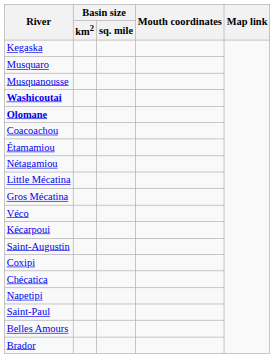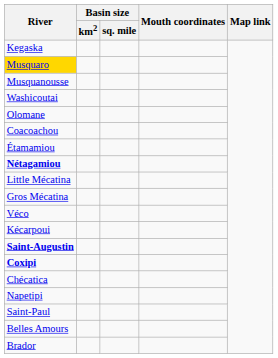 <table class="wikitable sortable">
 <tr>
 <th rowspan=2>River</th>
 <th colspan=2>Basin size</th>
 <th rowspan=2>Mouth coordinates</th>
 <th rowspan=2>Map link</th>
 </tr>
 <tr>
 <th>km<sup>2</sup></th>
 <th>sq. mile</th>
 </tr>
 <tr>
 <td><a href='#'>Kegaska</a></td>
 <td></td>
 <td></td>
 <td></td>
 </tr>
 <tr>
-<td><a href='#'>Musquaro</a></td>
+<td style="background: gold;"><a href='#'>Musquaro</a></td>
 <td></td>
 <td></td>
 <td></td>
 </tr>
 <tr>
 <td><a href='#'>Musquanousse</a></td>
 <td></td>
 <td></td>
 <td></td>
 </tr>
 <tr>
-<td><strong><a href='#'>Washicoutai</a></strong></td>
+<td><a href='#'>Washicoutai</a></td>
 <td></td>
 <td></td>
 <td></td>
 </tr>
 <tr>
-<td><strong><a href='#'>Olomane</a></strong></td>
+<td><a href='#'>Olomane</a></td>
 <td></td>
 <td></td>
 <td></td>
 </tr>
 <tr>
 <td><a href='#'>Coacoachou</a></td>
 <td></td>
 <td></td>
 <td></td>
 </tr>
 <tr>
 <td><a href='#'>Étamamiou</a></td>
 <td></td>
 <td></td>
 <td></td>
 </tr>
 <tr>
-<td><a href='#'>Nétagamiou</a></td>
+<td><strong><a href='#'>Nétagamiou</a></strong></td>
 <td></td>
 <td></td>
 <td></td>
 </tr>
 <tr>
 <td><a href='#'>Little Mécatina</a></td>
 <td></td>
 <td></td>
 <td></td>
 </tr>
 <tr>
 <td><a href='#'>Gros Mécatina</a></td>
 <td></td>
 <td></td>
 <td></td>
 </tr>
 <tr>
 <td><a href='#'>Véco</a></td>
 <td></td>
 <td></td>
 <td></td>
 </tr>
 <tr>
 <td><a href='#'>Kécarpoui</a></td>
 <td></td>
 <td></td>
 <td></td>
 </tr>
 <tr>
-<td><a href='#'>Saint-Augustin</a></td>
+<td><strong><a href='#'>Saint-Augustin</a></strong></td>
 <td></td>
 <td></td>
 <td></td>
 </tr>
 <tr>
-<td><a href='#'>Coxipi</a></td>
+<td><strong><a href='#'>Coxipi</a></strong></td>
 <td></td>
 <td></td>
 <td></td>
 </tr>
 <tr>
 <td><a href='#'>Chécatica</a></td>
 <td></td>
 <td></td>
 <td></td>
 </tr>
 <tr>
 <td><a href='#'>Napetipi</a></td>
 <td></td>
 <td></td>
 <td></td>
 </tr>
 <tr>
 <td><a href='#'>Saint-Paul</a></td>
 <td></td>
 <td></td>
 <td></td>
 </tr>
 <tr>
 <td><a href='#'>Belles Amours</a></td>
 <td></td>
 <td></td>
 <td></td>
 </tr>
 <tr>
 <td><a href='#'>Brador</a></td>
 <td></td>
 <td></td>
 <td></td>
 </tr>
 </table>
